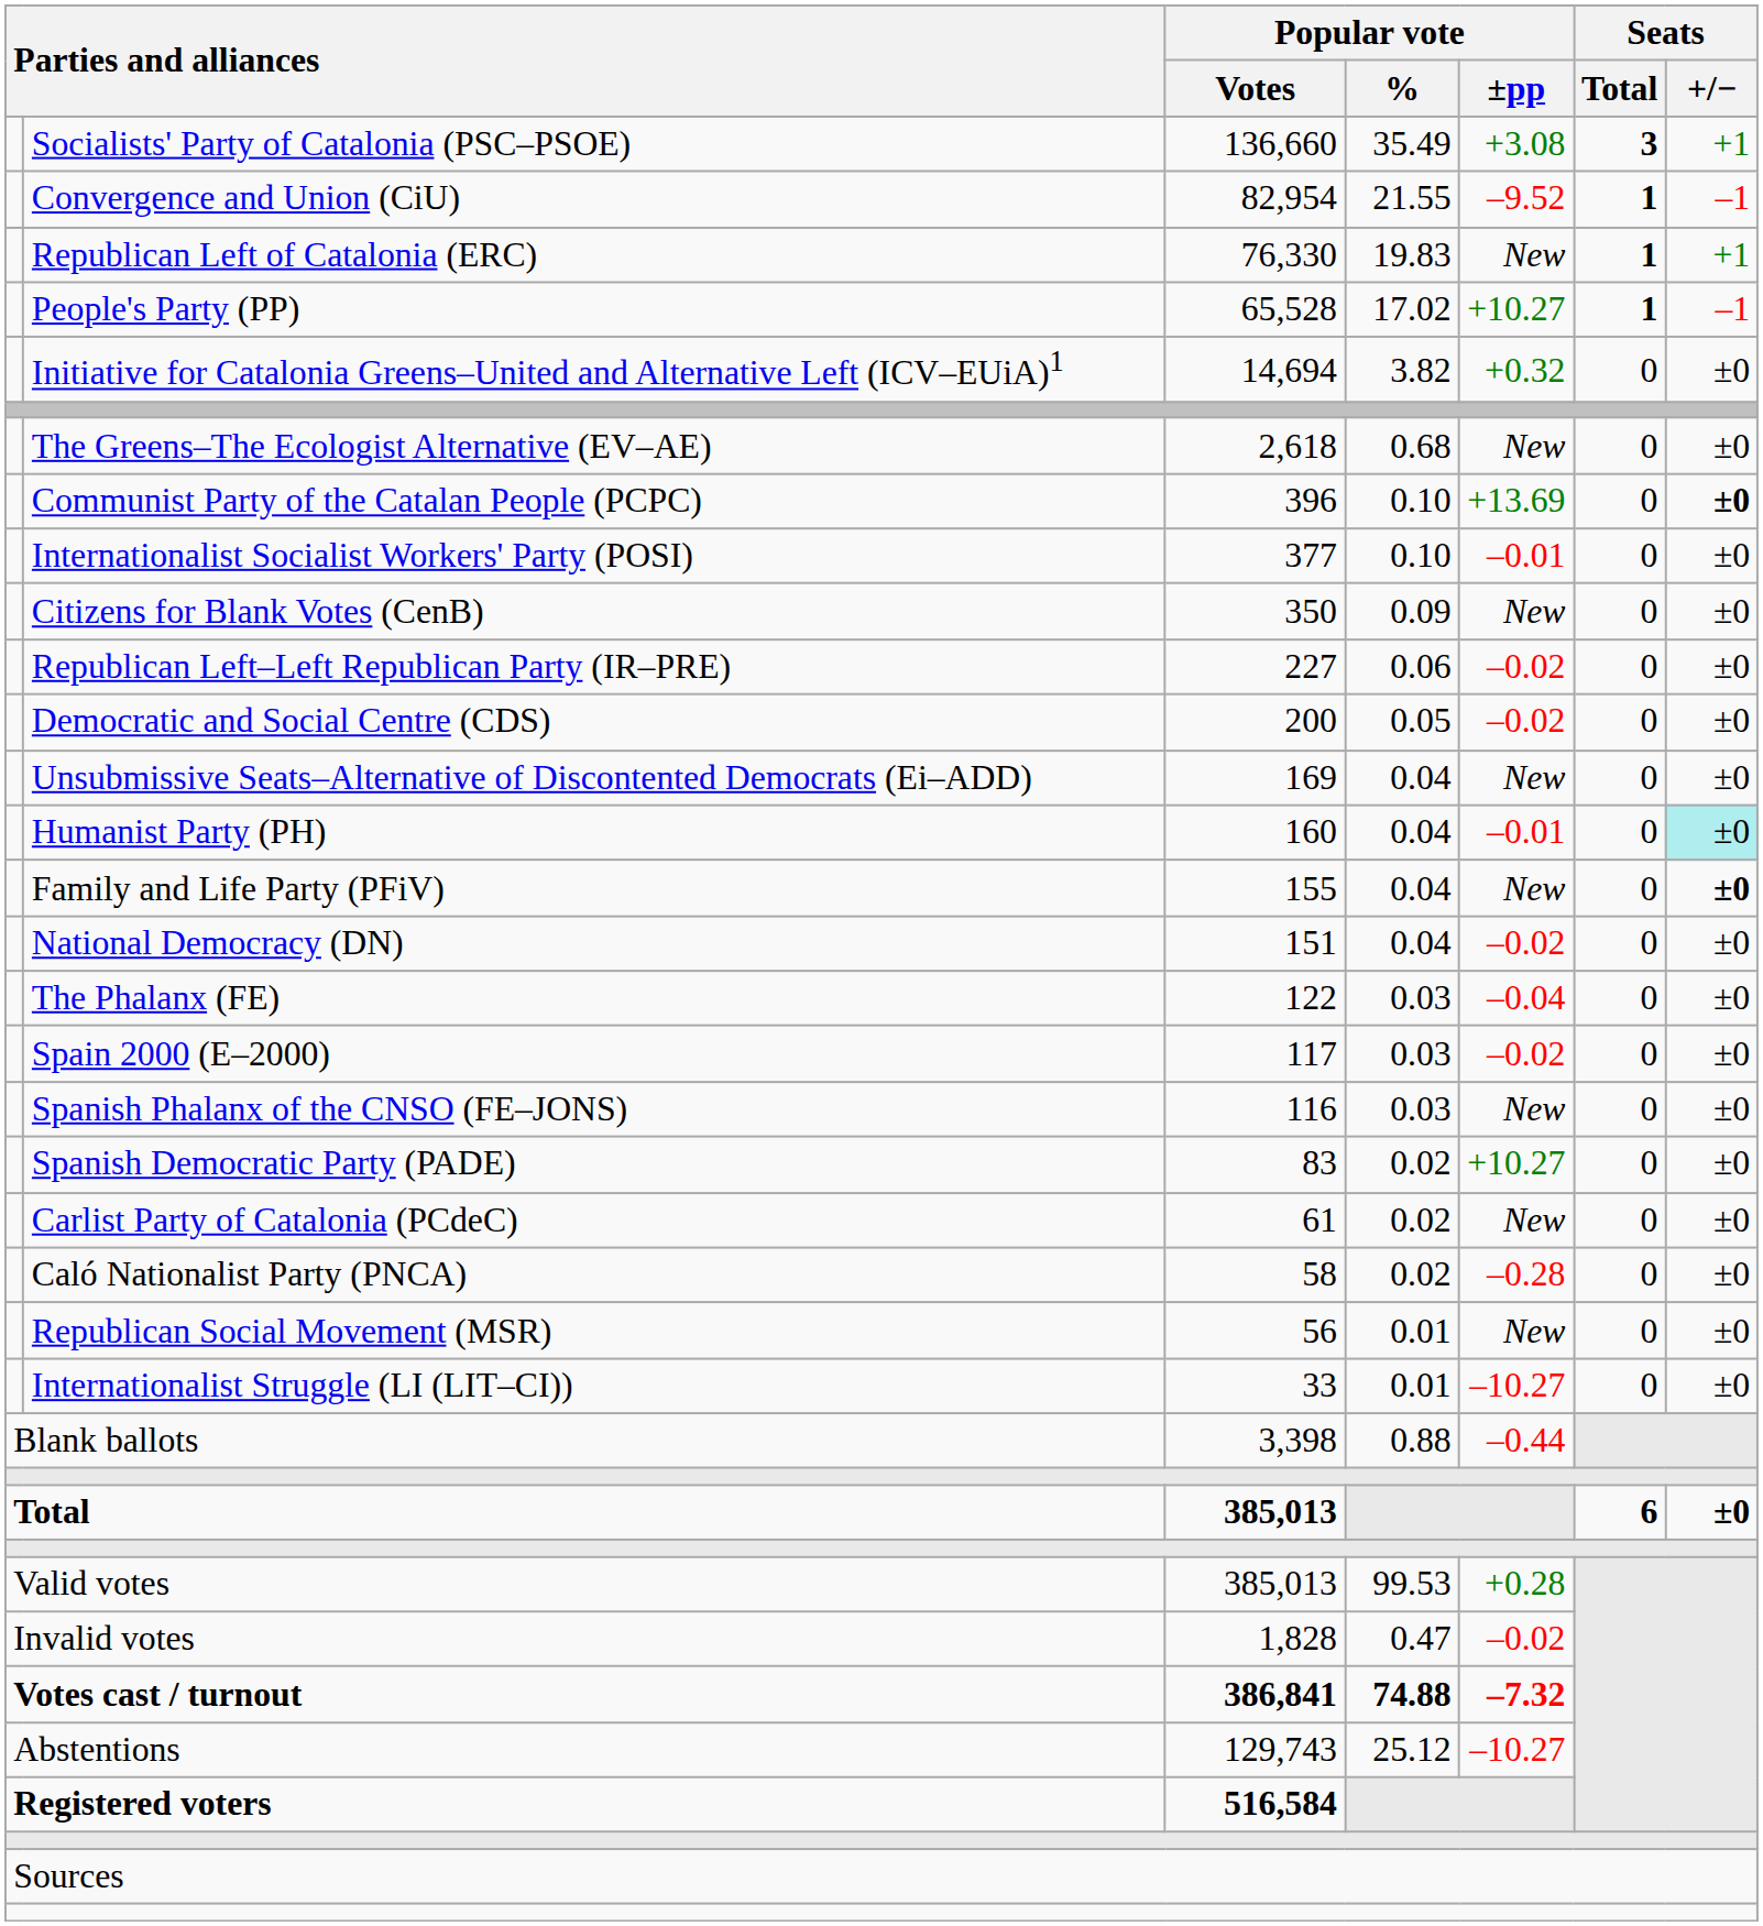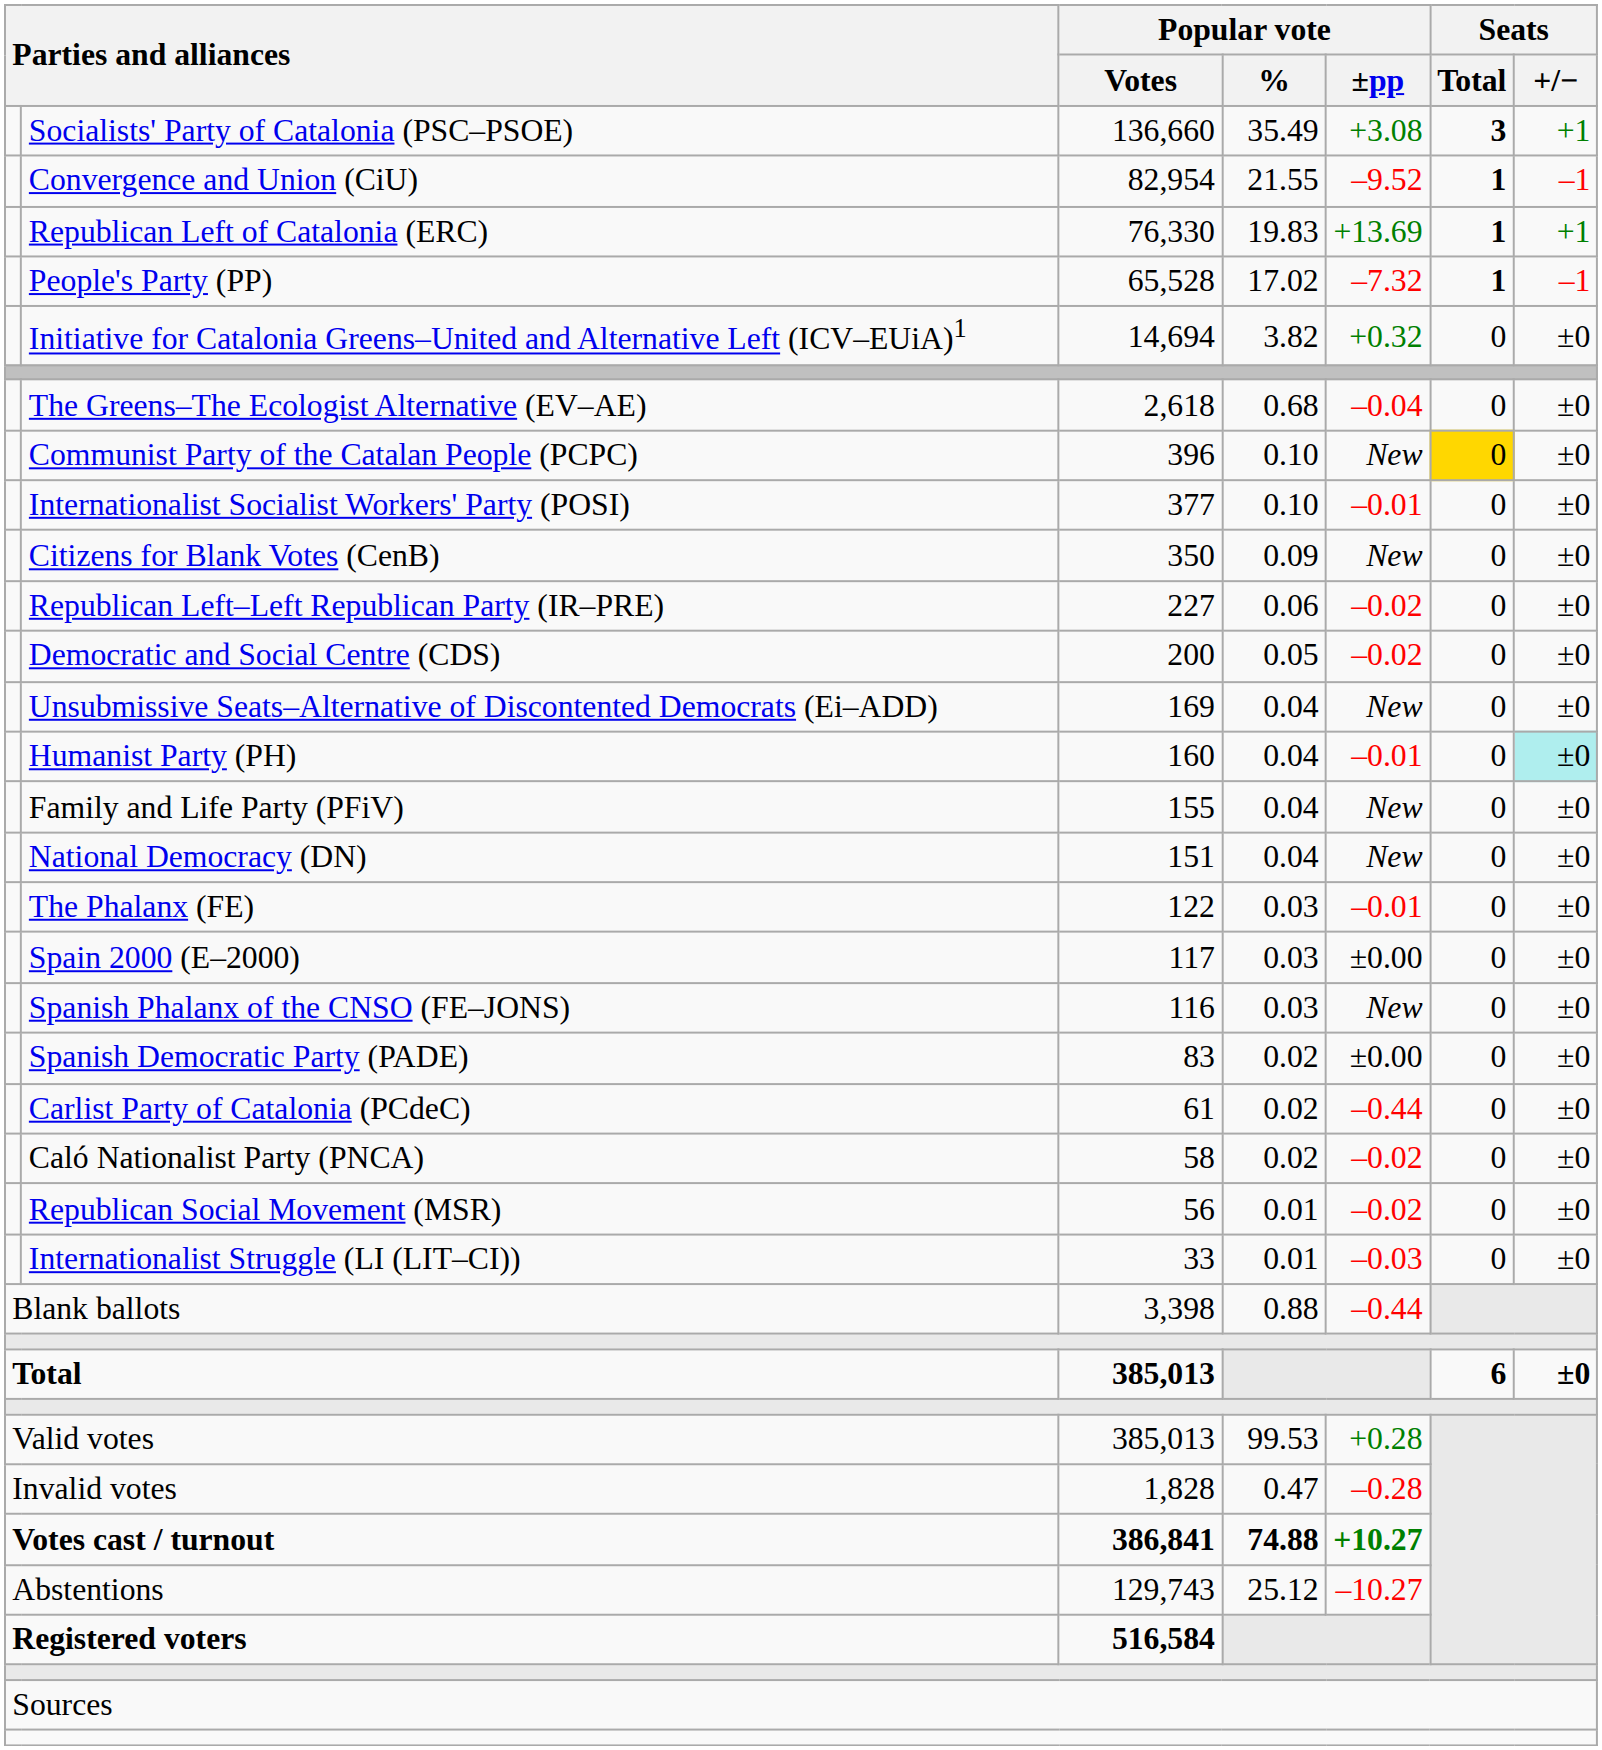 <table class="wikitable" style="text-align:right;">
 <tr>
 <th style="text-align:left;" rowspan="2" colspan="2" width="525">Parties and alliances</th>
 <th colspan="3">Popular vote</th>
 <th colspan="2">Seats</th>
 </tr>
 <tr>
 <th width="75">Votes</th>
 <th width="45">%</th>
 <th width="45">±<a href='#'>pp</a></th>
 <th width="35">Total</th>
 <th width="35">+/−</th>
 </tr>
 <tr>
 <td width="1" style="color:inherit;background:"></td>
 <td align="left"><a href='#'>Socialists' Party of Catalonia</a> (PSC–PSOE)</td>
 <td>136,660</td>
 <td>35.49</td>
 <td style="color:green;">+3.08</td>
 <td><strong>3</strong></td>
 <td style="color:green;">+1</td>
 </tr>
 <tr>
 <td style="color:inherit;background:"></td>
 <td align="left"><a href='#'>Convergence and Union</a> (CiU)</td>
 <td>82,954</td>
 <td>21.55</td>
 <td style="color:red;">–9.52</td>
 <td><strong>1</strong></td>
 <td style="color:red;">–1</td>
 </tr>
 <tr>
 <td style="color:inherit;background:"></td>
 <td align="left"><a href='#'>Republican Left of Catalonia</a> (ERC)</td>
 <td>76,330</td>
 <td>19.83</td>
-<td><em>New</em></td>
+<td style="color:green;">+13.69</td>
 <td><strong>1</strong></td>
 <td style="color:green;">+1</td>
 </tr>
 <tr>
 <td style="color:inherit;background:"></td>
 <td align="left"><a href='#'>People's Party</a> (PP)</td>
 <td>65,528</td>
 <td>17.02</td>
-<td style="color:green;">+10.27</td>
+<td style="color:red;">–7.32</td>
 <td><strong>1</strong></td>
 <td style="color:red;">–1</td>
 </tr>
 <tr>
 <td style="color:inherit;background:"></td>
 <td align="left"><a href='#'>Initiative for Catalonia Greens–United and Alternative Left</a> (ICV–EUiA)<sup>1</sup></td>
 <td>14,694</td>
 <td>3.82</td>
 <td style="color:green;">+0.32</td>
 <td>0</td>
 <td>±0</td>
 </tr>
 <tr>
 <td colspan="7" bgcolor="#C0C0C0"></td>
 </tr>
 <tr>
 <td style="color:inherit;background:"></td>
 <td align="left"><a href='#'>The Greens–The Ecologist Alternative</a> (EV–AE)</td>
 <td>2,618</td>
 <td>0.68</td>
-<td><em>New</em></td>
+<td style="color:red;">–0.04</td>
 <td>0</td>
 <td>±0</td>
 </tr>
 <tr>
 <td style="color:inherit;background:"></td>
 <td align="left"><a href='#'>Communist Party of the Catalan People</a> (PCPC)</td>
 <td>396</td>
 <td>0.10</td>
-<td style="color:green;">+13.69</td>
-<td>0</td>
-<td><strong>±0</strong></td>
+<td><em>New</em></td>
+<td style="background: gold;">0</td>
+<td>±0</td>
 </tr>
 <tr>
 <td style="color:inherit;background:"></td>
 <td align="left"><a href='#'>Internationalist Socialist Workers' Party</a> (POSI)</td>
 <td>377</td>
 <td>0.10</td>
 <td style="color:red;">–0.01</td>
 <td>0</td>
 <td>±0</td>
 </tr>
 <tr>
 <td style="color:inherit;background:"></td>
 <td align="left"><a href='#'>Citizens for Blank Votes</a> (CenB)</td>
 <td>350</td>
 <td>0.09</td>
 <td><em>New</em></td>
 <td>0</td>
 <td>±0</td>
 </tr>
 <tr>
 <td style="color:inherit;background:"></td>
 <td align="left"><a href='#'>Republican Left–Left Republican Party</a> (IR–PRE)</td>
 <td>227</td>
 <td>0.06</td>
 <td style="color:red;">–0.02</td>
 <td>0</td>
 <td>±0</td>
 </tr>
 <tr>
 <td style="color:inherit;background:"></td>
 <td align="left"><a href='#'>Democratic and Social Centre</a> (CDS)</td>
 <td>200</td>
 <td>0.05</td>
 <td style="color:red;">–0.02</td>
 <td>0</td>
 <td>±0</td>
 </tr>
 <tr>
 <td style="color:inherit;background:"></td>
 <td align="left"><a href='#'>Unsubmissive Seats–Alternative of Discontented Democrats</a> (Ei–ADD)</td>
 <td>169</td>
 <td>0.04</td>
 <td><em>New</em></td>
 <td>0</td>
 <td>±0</td>
 </tr>
 <tr>
 <td style="color:inherit;background:"></td>
 <td align="left"><a href='#'>Humanist Party</a> (PH)</td>
 <td>160</td>
 <td>0.04</td>
 <td style="color:red;">–0.01</td>
 <td>0</td>
 <td style="background: paleturquoise;">±0</td>
 </tr>
 <tr>
 <td style="color:inherit;background:"></td>
 <td align="left">Family and Life Party (PFiV)</td>
 <td>155</td>
 <td>0.04</td>
 <td><em>New</em></td>
 <td>0</td>
-<td><strong>±0</strong></td>
+<td>±0</td>
 </tr>
 <tr>
 <td style="color:inherit;background:"></td>
 <td align="left"><a href='#'>National Democracy</a> (DN)</td>
 <td>151</td>
 <td>0.04</td>
-<td style="color:red;">–0.02</td>
+<td><em>New</em></td>
 <td>0</td>
 <td>±0</td>
 </tr>
 <tr>
 <td style="color:inherit;background:"></td>
 <td align="left"><a href='#'>The Phalanx</a> (FE)</td>
 <td>122</td>
 <td>0.03</td>
-<td style="color:red;">–0.04</td>
+<td style="color:red;">–0.01</td>
 <td>0</td>
 <td>±0</td>
 </tr>
 <tr>
 <td style="color:inherit;background:"></td>
 <td align="left"><a href='#'>Spain 2000</a> (E–2000)</td>
 <td>117</td>
 <td>0.03</td>
-<td style="color:red;">–0.02</td>
+<td>±0.00</td>
 <td>0</td>
 <td>±0</td>
 </tr>
 <tr>
 <td style="color:inherit;background:"></td>
 <td align="left"><a href='#'>Spanish Phalanx of the CNSO</a> (FE–JONS)</td>
 <td>116</td>
 <td>0.03</td>
 <td><em>New</em></td>
 <td>0</td>
 <td>±0</td>
 </tr>
 <tr>
 <td style="color:inherit;background:"></td>
 <td align="left"><a href='#'>Spanish Democratic Party</a> (PADE)</td>
 <td>83</td>
 <td>0.02</td>
-<td style="color:green;">+10.27</td>
+<td>±0.00</td>
 <td>0</td>
 <td>±0</td>
 </tr>
 <tr>
 <td style="color:inherit;background:"></td>
 <td align="left"><a href='#'>Carlist Party of Catalonia</a> (PCdeC)</td>
 <td>61</td>
 <td>0.02</td>
-<td><em>New</em></td>
+<td style="color:red;">–0.44</td>
 <td>0</td>
 <td>±0</td>
 </tr>
 <tr>
 <td style="color:inherit;background:"></td>
 <td align="left">Caló Nationalist Party (PNCA)</td>
 <td>58</td>
 <td>0.02</td>
-<td style="color:red;">–0.28</td>
+<td style="color:red;">–0.02</td>
 <td>0</td>
 <td>±0</td>
 </tr>
 <tr>
 <td style="color:inherit;background:"></td>
 <td align="left"><a href='#'>Republican Social Movement</a> (MSR)</td>
 <td>56</td>
 <td>0.01</td>
-<td><em>New</em></td>
+<td style="color:red;">–0.02</td>
 <td>0</td>
 <td>±0</td>
 </tr>
 <tr>
 <td style="color:inherit;background:"></td>
 <td align="left"><a href='#'>Internationalist Struggle</a> (LI (LIT–CI))</td>
 <td>33</td>
 <td>0.01</td>
-<td style="color:red;">–10.27</td>
+<td style="color:red;">–0.03</td>
 <td>0</td>
 <td>±0</td>
 </tr>
 <tr>
 <td align="left" colspan="2">Blank ballots</td>
 <td>3,398</td>
 <td>0.88</td>
 <td style="color:red;">–0.44</td>
 <td bgcolor="#E9E9E9" colspan="2"></td>
 </tr>
 <tr>
 <td colspan="7" bgcolor="#E9E9E9"></td>
 </tr>
 <tr style="font-weight:bold;">
 <td align="left" colspan="2">Total</td>
 <td>385,013</td>
 <td bgcolor="#E9E9E9" colspan="2"></td>
 <td>6</td>
 <td>±0</td>
 </tr>
 <tr>
 <td colspan="7" bgcolor="#E9E9E9"></td>
 </tr>
 <tr>
 <td align="left" colspan="2">Valid votes</td>
 <td>385,013</td>
 <td>99.53</td>
 <td style="color:green;">+0.28</td>
 <td bgcolor="#E9E9E9" colspan="2" rowspan="5"></td>
 </tr>
 <tr>
 <td align="left" colspan="2">Invalid votes</td>
 <td>1,828</td>
 <td>0.47</td>
-<td style="color:red;">–0.02</td>
+<td style="color:red;">–0.28</td>
 </tr>
 <tr style="font-weight:bold;">
 <td align="left" colspan="2">Votes cast / turnout</td>
 <td>386,841</td>
 <td>74.88</td>
-<td style="color:red;">–7.32</td>
+<td style="color:green;">+10.27</td>
 </tr>
 <tr>
 <td align="left" colspan="2">Abstentions</td>
 <td>129,743</td>
 <td>25.12</td>
 <td style="color:red;">–10.27</td>
 </tr>
 <tr style="font-weight:bold;">
 <td align="left" colspan="2">Registered voters</td>
 <td>516,584</td>
 <td bgcolor="#E9E9E9" colspan="2"></td>
 </tr>
 <tr>
 <td colspan="7" bgcolor="#E9E9E9"></td>
 </tr>
 <tr>
 <td align="left" colspan="7">Sources</td>
 </tr>
 <tr>
 <td colspan="7" style="text-align:left; max-width:790px;"></td>
 </tr>
 </table>
